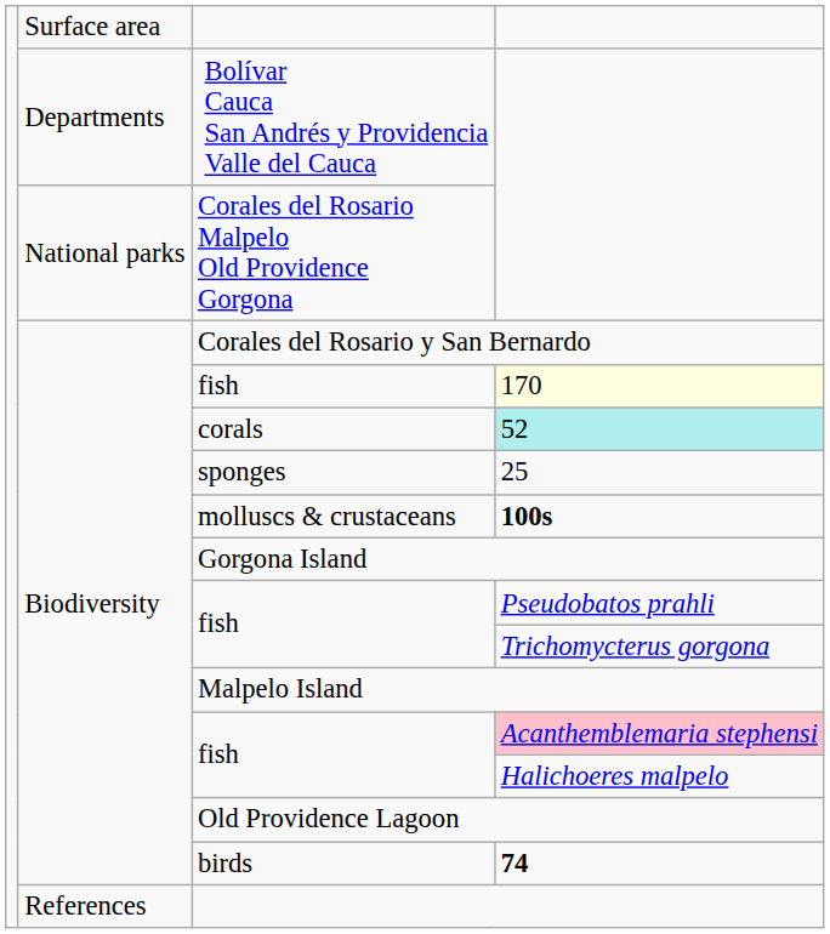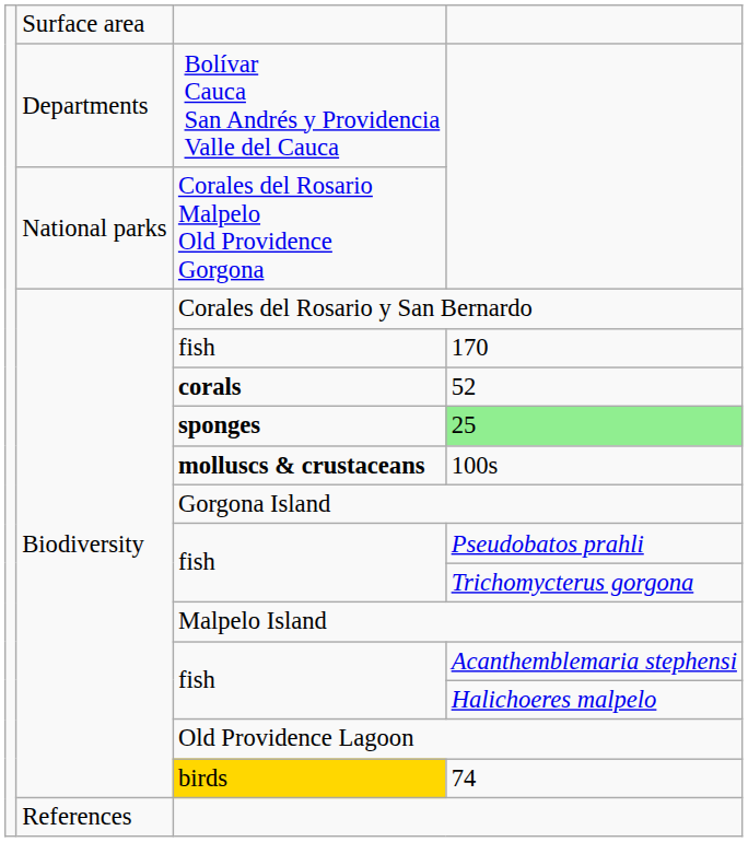 <table class="wikitable sortable mw-collapsible">
 <tr>
 <td rowspan=17></td>
 <td>Surface area</td>
 <td></td>
 <td></td>
 </tr>
 <tr>
 <td>Departments</td>
 <td> <a href='#'>Bolívar</a><br> <a href='#'>Cauca</a><br> <a href='#'>San Andrés y Providencia</a><br> <a href='#'>Valle del Cauca</a></td>
 <td rowspan=2></td>
 </tr>
 <tr>
 <td>National parks</td>
 <td><a href='#'>Corales del Rosario</a><br><a href='#'>Malpelo</a><br><a href='#'>Old Providence</a><br><a href='#'>Gorgona</a></td>
 </tr>
 <tr>
 <td rowspan=13>Biodiversity</td>
 <td colspan=2>Corales del Rosario y San Bernardo</td>
 </tr>
 <tr>
 <td>fish</td>
-<td style="background: lightyellow;">170</td>
+<td>170</td>
 </tr>
 <tr>
-<td>corals</td>
-<td style="background: paleturquoise;">52</td>
+<td><strong>corals</strong></td>
+<td>52</td>
 </tr>
 <tr>
-<td>sponges</td>
-<td>25</td>
+<td><strong>sponges</strong></td>
+<td style="background: lightgreen;">25</td>
 </tr>
 <tr>
-<td>molluscs & crustaceans</td>
-<td><strong>100s</strong></td>
+<td><strong>molluscs & crustaceans</strong></td>
+<td>100s</td>
 </tr>
 <tr>
 <td colspan=2>Gorgona Island</td>
 </tr>
 <tr>
 <td rowspan=2>fish</td>
 <td><em><a href='#'>Pseudobatos prahli</a></em></td>
 </tr>
 <tr>
 <td colspan=2><em><a href='#'>Trichomycterus gorgona</a></em></td>
 </tr>
 <tr>
 <td colspan=2>Malpelo Island</td>
 </tr>
 <tr>
 <td rowspan=2>fish</td>
-<td style="background: pink;"><em><a href='#'>Acanthemblemaria stephensi</a></em></td>
+<td><em><a href='#'>Acanthemblemaria stephensi</a></em></td>
 </tr>
 <tr>
 <td colspan=2><em><a href='#'>Halichoeres malpelo</a></em></td>
 </tr>
 <tr>
 <td colspan=2>Old Providence Lagoon</td>
 </tr>
 <tr>
-<td>birds</td>
-<td><strong>74</strong></td>
+<td style="background: gold;">birds</td>
+<td>74</td>
 </tr>
 <tr>
 <td>References</td>
 <td colspan=2></td>
 </tr>
 </table>
